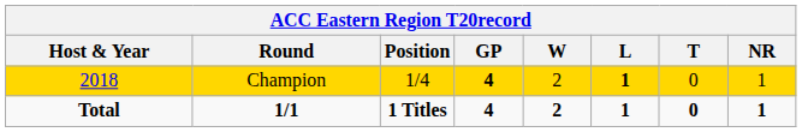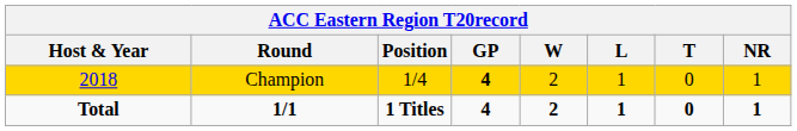 <table class="wikitable" style="text-align: center;">
 <tr>
 <th colspan=8><a href='#'>ACC Eastern Region T20record</a></th>
 </tr>
 <tr>
 <th width=150>Host & Year</th>
 <th width=150>Round</th>
 <th width=50>Position</th>
 <th width=50>GP</th>
 <th width=50>W</th>
 <th width=50>L</th>
 <th width=50>T</th>
 <th width=50>NR</th>
 </tr>
 <tr bgcolor=gold>
 <td> <a href='#'>2018</a></td>
 <td>Champion</td>
 <td>1/4</td>
 <td><strong>4</strong></td>
 <td>2</td>
-<td><strong>1</strong></td>
+<td>1</td>
 <td>0</td>
 <td>1</td>
 </tr>
 <tr>
 <td><strong>Total</strong></td>
 <td><strong>1/1</strong></td>
 <td><strong>1 Titles</strong></td>
 <td><strong>4</strong></td>
 <td><strong>2</strong></td>
 <td><strong>1</strong></td>
 <td><strong>0</strong></td>
 <td><strong>1</strong></td>
 </tr>
 </table>
